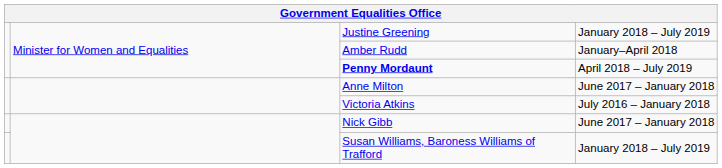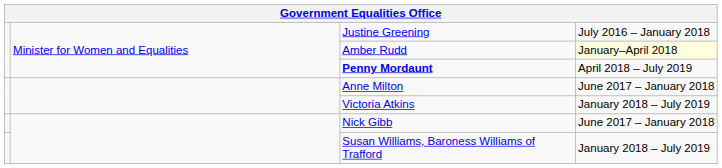 <table class="wikitable">
 <tr>
 <th colspan="4"><a href='#'>Government Equalities Office</a></th>
 </tr>
 <tr>
 <td rowspan="3" style="width: 1px; background: "></td>
 <td rowspan="3" style="width: 450px;"><a href='#'>Minister for Women and Equalities</a></td>
 <td style="width: 320px;"><a href='#'>Justine Greening</a><br></td>
-<td>January 2018 – July 2019</td>
+<td>July 2016 – January 2018</td>
 </tr>
 <tr>
 <td><a href='#'>Amber Rudd</a><br></td>
-<td>January–April 2018</td>
+<td style="background: lightyellow;">January–April 2018</td>
 </tr>
 <tr>
 <td><strong><a href='#'>Penny Mordaunt</a></strong><br></td>
 <td>April 2018 – July 2019</td>
 </tr>
 <tr>
 <td rowspan="2" style="width: 1px; background: "></td>
 <td rowspan="2"></td>
 <td><a href='#'>Anne Milton</a><br></td>
 <td>June 2017 – January 2018</td>
 </tr>
 <tr>
 <td><a href='#'>Victoria Atkins</a><br></td>
-<td>July 2016 – January 2018</td>
+<td>January 2018 – July 2019</td>
 </tr>
 <tr>
 <td style="width: 1px; background: "></td>
 <td rowspan="2"></td>
 <td><a href='#'>Nick Gibb</a><br></td>
 <td>June 2017 – January 2018</td>
 </tr>
 <tr>
 <td style="width: 1px; background: "></td>
 <td><a href='#'>Susan Williams, Baroness Williams of Trafford</a><br></td>
 <td>January 2018 – July 2019</td>
 </tr>
 </table>
